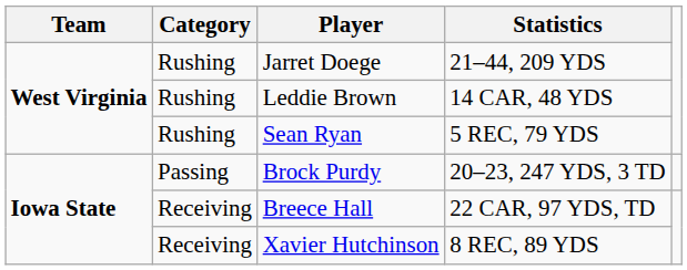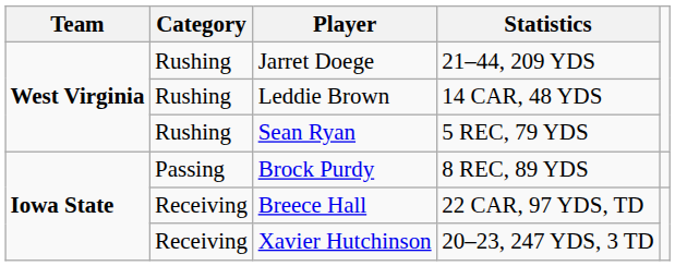 <table class="wikitable" style="float: right;">
 <tr>
 <th>Team</th>
 <th>Category</th>
 <th>Player</th>
 <th>Statistics</th>
 </tr>
 <tr>
 <td rowspan=3><strong>West Virginia</strong></td>
 <td>Rushing</td>
 <td>Jarret Doege</td>
 <td>21–44, 209 YDS</td>
 </tr>
 <tr>
 <td>Rushing</td>
 <td>Leddie Brown</td>
 <td>14 CAR, 48 YDS</td>
 </tr>
 <tr>
 <td>Rushing</td>
 <td><a href='#'>Sean Ryan</a></td>
 <td>5 REC, 79 YDS</td>
 </tr>
 <tr>
 <td rowspan=3><strong>Iowa State</strong></td>
 <td>Passing</td>
 <td><a href='#'>Brock Purdy</a></td>
-<td>20–23, 247 YDS, 3 TD</td>
+<td>8 REC, 89 YDS</td>
 <td></td>
 </tr>
 <tr>
 <td>Receiving</td>
 <td><a href='#'>Breece Hall</a></td>
 <td>22 CAR, 97 YDS, TD</td>
 </tr>
 <tr>
 <td>Receiving</td>
 <td><a href='#'>Xavier Hutchinson</a></td>
-<td>8 REC, 89 YDS</td>
+<td>20–23, 247 YDS, 3 TD</td>
 </tr>
 </table>
